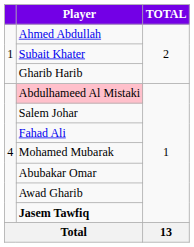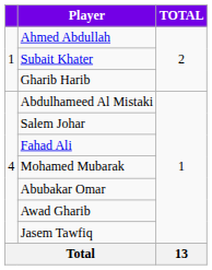 <table border="0" class="wikitable" style="text-align:center;font-size:95%">
 <tr>
 <th scope=col style="color:#FFFFFF; background:#7300E6;"></th>
 <th scope=col style="color:#FFFFFF; background:#7300E6;">Player</th>
 <th scope=col style="color:#FFFFFF; background:#7300E6;">TOTAL</th>
 </tr>
 <tr>
 <td rowspan=3>1</td>
 <td align=left> <a href='#'>Ahmed Abdullah</a></td>
 <td rowspan=3 align=center>2</td>
 </tr>
 <tr>
 <td align=left> <a href='#'>Subait Khater</a></td>
 </tr>
 <tr>
 <td align=left> Gharib Harib</td>
 </tr>
 <tr>
 <td rowspan=7>4</td>
-<td align=left style="background: pink;"> Abdulhameed Al Mistaki</td>
+<td align=left> Abdulhameed Al Mistaki</td>
 <td rowspan=7 align=center>1</td>
 </tr>
 <tr>
 <td align=left> Salem Johar</td>
 </tr>
 <tr>
 <td align=left> <a href='#'>Fahad Ali</a></td>
 </tr>
 <tr>
 <td align=left> Mohamed Mubarak</td>
 </tr>
 <tr>
 <td align=left> Abubakar Omar</td>
 </tr>
 <tr>
 <td align=left> Awad Gharib</td>
 </tr>
 <tr>
-<td align=left><strong> Jasem Tawfiq</strong></td>
+<td align=left> Jasem Tawfiq</td>
 </tr>
 <tr>
 <th colspan="2">Total</th>
 <th>13</th>
 </tr>
 </table>
